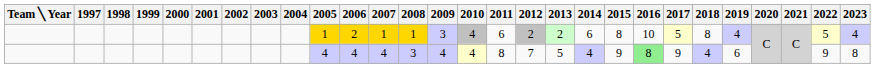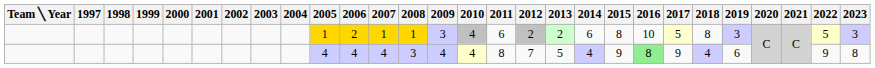 <table class=wikitable style="text-align:center; font-size:90%;">
 <tr>
 <th>Team ╲ Year</th>
 <th>1997</th>
 <th>1998</th>
 <th>1999</th>
 <th>2000</th>
 <th>2001</th>
 <th>2002</th>
 <th>2003</th>
 <th>2004</th>
 <th>2005</th>
 <th>2006</th>
 <th>2007</th>
 <th>2008</th>
 <th>2009</th>
 <th>2010</th>
 <th>2011</th>
 <th>2012</th>
 <th>2013</th>
 <th>2014</th>
 <th>2015</th>
 <th>2016</th>
 <th>2017</th>
 <th>2018</th>
 <th>2019</th>
 <th>2020</th>
 <th>2021</th>
 <th>2022</th>
 <th>2023</th>
 </tr>
 <tr>
 <td align=left><strong></strong></td>
 <td></td>
 <td></td>
 <td></td>
 <td></td>
 <td></td>
 <td></td>
 <td></td>
 <td></td>
 <td bgcolor=gold>1</td>
 <td bgcolor=gold>2</td>
 <td bgcolor=gold>1</td>
 <td bgcolor=gold>1</td>
 <td bgcolor=ccccff>3</td>
 <td bgcolor=silver>4</td>
 <td>6</td>
 <td bgcolor=silver>2</td>
 <td bgcolor=CCFFCC>2</td>
 <td>6</td>
 <td>8</td>
 <td>10</td>
 <td bgcolor=FFFFCC>5</td>
 <td>8</td>
-<td bgcolor=ccccff>4</td>
+<td bgcolor=ccccff>3</td>
 <td bgcolor=D3D3D3 rowspan=3>C</td>
 <td bgcolor=D3D3D3 rowspan=3>C</td>
 <td bgcolor=FFFFCC>5</td>
-<td bgcolor=ccccff>4</td>
+<td bgcolor=ccccff>3</td>
 </tr>
 <tr>
 <td align=left><strong></strong></td>
 <td></td>
 <td></td>
 <td></td>
 <td></td>
 <td></td>
 <td></td>
 <td></td>
 <td></td>
 <td bgcolor=ccccff>4</td>
 <td bgcolor=ccccff>4</td>
 <td bgcolor=ccccff>4</td>
 <td bgcolor=ccccff>3</td>
 <td bgcolor=ccccff>4</td>
 <td bgcolor=FFFFCC>4</td>
 <td>8</td>
 <td>7</td>
 <td>5</td>
 <td bgcolor=ccccff>4</td>
 <td>9</td>
 <td style="background: lightgreen;">8</td>
 <td>9</td>
 <td bgcolor=ccccff>4</td>
 <td>6</td>
 <td>9</td>
 <td>8</td>
 </tr>
 </table>
